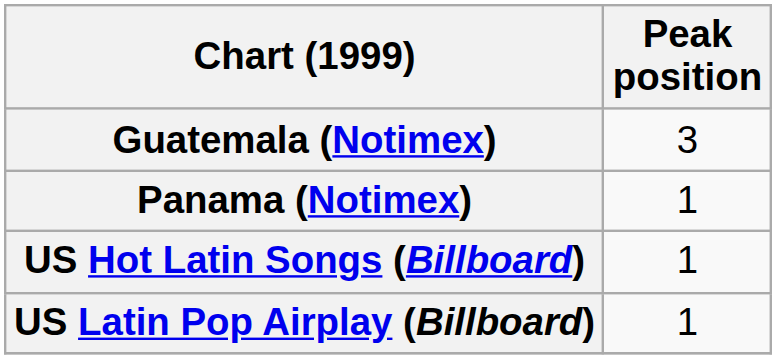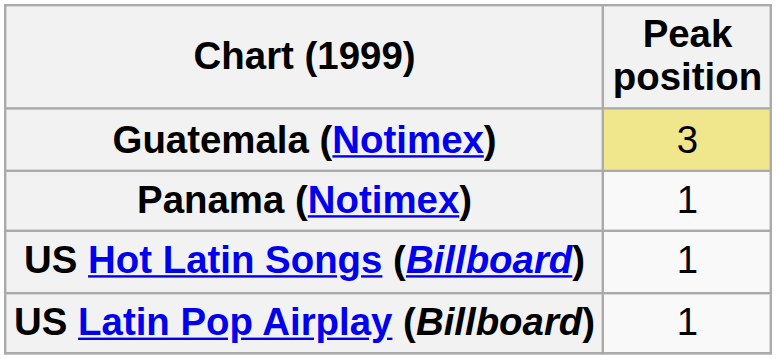 <table class="wikitable sortable plainrowheaders" style="text-align:center">
 <tr>
 <th scope="col">Chart (1999)</th>
 <th scope="col">Peak<br>position</th>
 </tr>
 <tr>
 <th scope="row">Guatemala (<a href='#'>Notimex</a>)</th>
-<td>3</td>
+<td style="background: khaki;">3</td>
 </tr>
 <tr>
 <th scope="row">Panama (<a href='#'>Notimex</a>)</th>
 <td>1</td>
 </tr>
 <tr>
 <th scope="row">US <a href='#'>Hot Latin Songs</a> (<em><a href='#'>Billboard</a></em>)</th>
 <td>1</td>
 </tr>
 <tr>
 <th scope="row">US <a href='#'>Latin Pop Airplay</a> (<em>Billboard</em>)</th>
 <td>1</td>
 </tr>
 <tr>
 </tr>
 </table>
